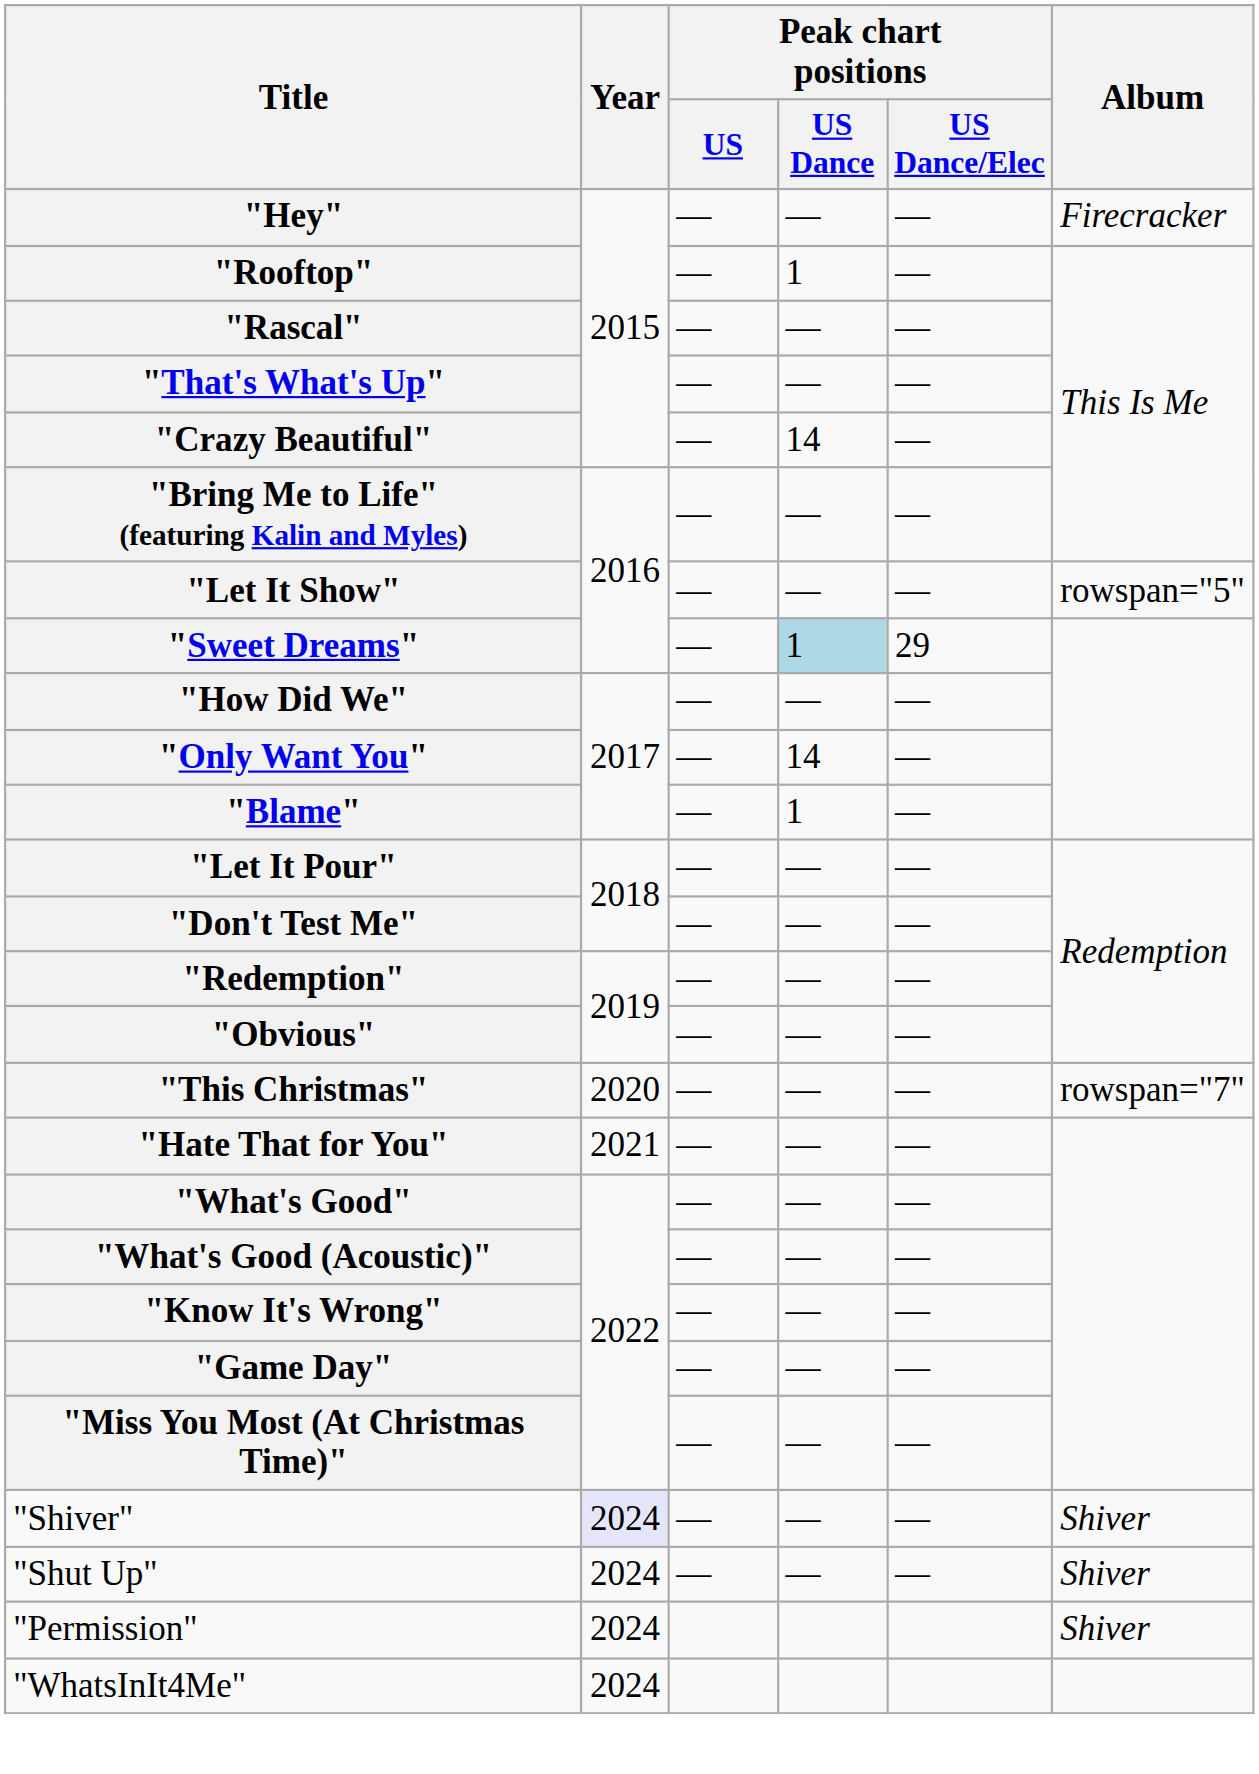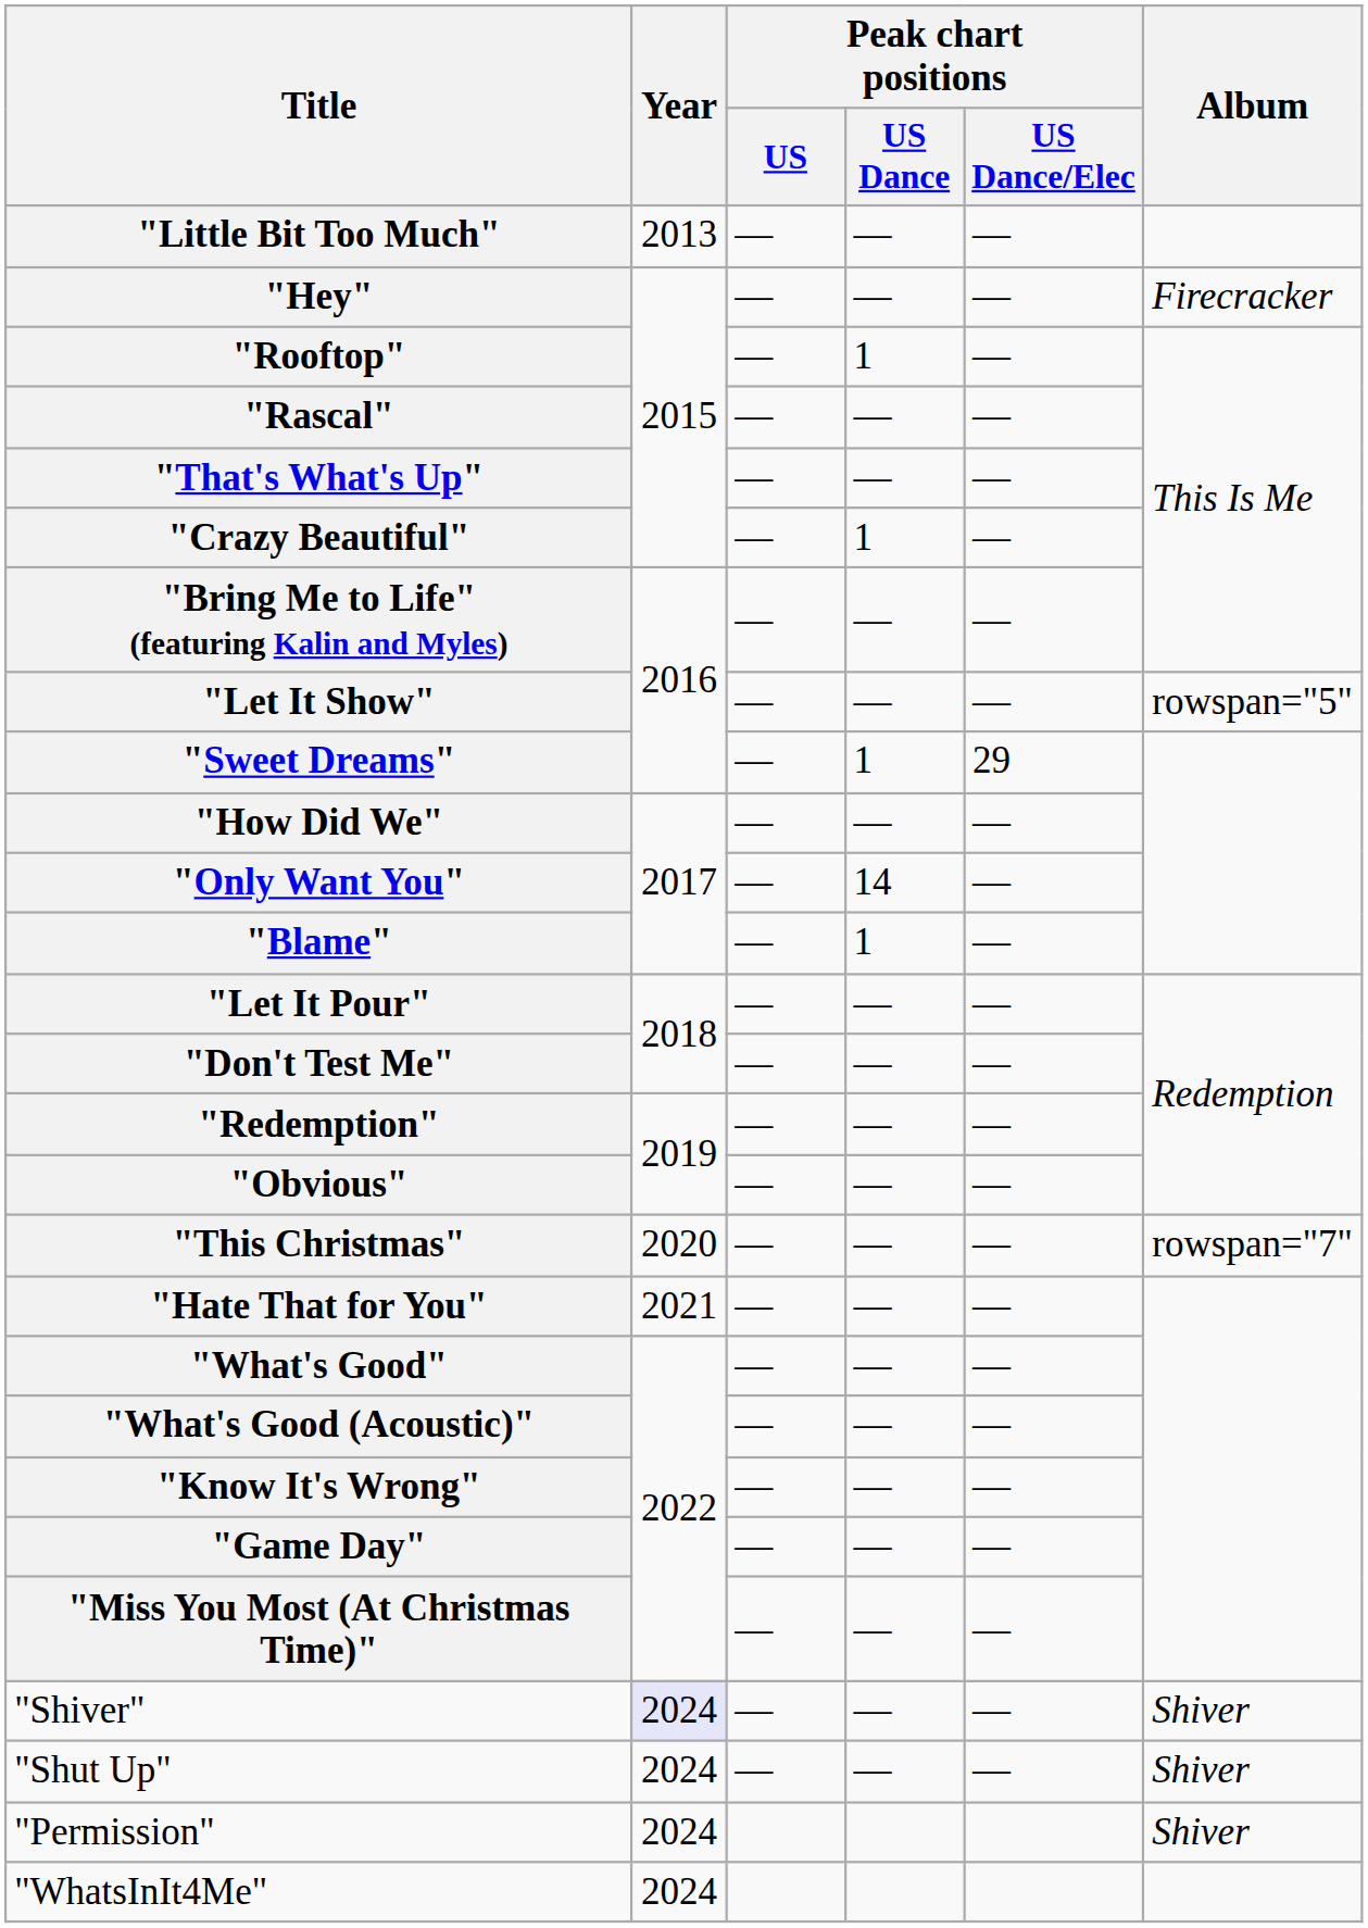 <table class="wikitable plainrowheaders" style="text-align: left;" border="1">
 <tr>
 <th scope="col" rowspan="2" style="width:16em;">Title</th>
 <th scope="col" rowspan="2">Year</th>
 <th scope="col" colspan="3">Peak chart<br>positions</th>
 <th scope="col" rowspan="2">Album</th>
 </tr>
 <tr>
 <th scope="col" style="width:3em;font-size:90%;"><a href='#'>US</a></th>
 <th scope="col" style="width:3em;font-size:90%;"><a href='#'>US<br>Dance</a><br></th>
 <th scope="col" style="width:3em;font-size:90%;"><a href='#'>US<br>Dance/Elec</a><br></th>
+</tr>
+<tr>
+<th scope="row">"Little Bit Too Much"</th>
+<td>2013</td>
+<td>—</td>
+<td>—</td>
+<td>—</td>
+<td></td>
 </tr>
 <tr>
 <th scope="row">"Hey"</th>
 <td rowspan="5">2015</td>
 <td>—</td>
 <td>—</td>
 <td>—</td>
 <td><em>Firecracker</em></td>
 </tr>
 <tr>
 <th scope="row">"Rooftop"</th>
 <td>—</td>
 <td>1</td>
 <td>—</td>
 <td rowspan="5"><em>This Is Me</em></td>
 </tr>
 <tr>
 <th scope="row">"Rascal"</th>
 <td>—</td>
 <td>—</td>
 <td>—</td>
 </tr>
 <tr>
 <th scope="row">"<a href='#'>That's What's Up</a>"</th>
 <td>—</td>
 <td>—</td>
 <td>—</td>
 </tr>
 <tr>
 <th scope="row">"Crazy Beautiful"</th>
 <td>—</td>
-<td>14</td>
+<td>1</td>
 <td>—</td>
 </tr>
 <tr>
 <th scope="row">"Bring Me to Life"<br><small>(featuring <a href='#'>Kalin and Myles</a>)</small></th>
 <td rowspan="3">2016</td>
 <td>—</td>
 <td>—</td>
 <td>—</td>
 </tr>
 <tr>
 <th scope="row">"Let It Show"</th>
 <td>—</td>
 <td>—</td>
 <td>—</td>
 <td>rowspan="5" </td>
 </tr>
 <tr>
 <th scope="row">"<a href='#'>Sweet Dreams</a>"<br></th>
 <td>—</td>
-<td style="background: lightblue;">1</td>
+<td>1</td>
 <td>29</td>
 </tr>
 <tr>
 <th scope="row">"How Did We"</th>
 <td rowspan="3">2017</td>
 <td>—</td>
 <td>—</td>
 <td>—</td>
 </tr>
 <tr>
 <th scope="row">"<a href='#'>Only Want You</a>"</th>
 <td>—</td>
 <td>14</td>
 <td>—</td>
 </tr>
 <tr>
 <th scope="row">"<a href='#'>Blame</a>"</th>
 <td>—</td>
 <td>1</td>
 <td>—</td>
 </tr>
 <tr>
 <th scope="row">"Let It Pour"</th>
 <td rowspan="2">2018</td>
 <td>—</td>
 <td>—</td>
 <td>—</td>
 <td rowspan="4"><em>Redemption</em></td>
 </tr>
 <tr>
 <th scope="row">"Don't Test Me"</th>
 <td>—</td>
 <td>—</td>
 <td>—</td>
 </tr>
 <tr>
 <th scope="row">"Redemption"</th>
 <td rowspan="2">2019</td>
 <td>—</td>
 <td>—</td>
 <td>—</td>
 </tr>
 <tr>
 <th scope="row">"Obvious"</th>
 <td>—</td>
 <td>—</td>
 <td>—</td>
 </tr>
 <tr>
 <th scope="row">"This Christmas"</th>
 <td>2020</td>
 <td>—</td>
 <td>—</td>
 <td>—</td>
 <td>rowspan="7" </td>
 </tr>
 <tr>
 <th scope="row">"Hate That for You"</th>
 <td>2021</td>
 <td>—</td>
 <td>—</td>
 <td>—</td>
 </tr>
 <tr>
 <th scope="row">"What's Good"</th>
 <td rowspan="5">2022</td>
 <td>—</td>
 <td>—</td>
 <td>—</td>
 </tr>
 <tr>
 <th scope="row">"What's Good (Acoustic)"</th>
 <td>—</td>
 <td>—</td>
 <td>—</td>
 </tr>
 <tr>
 <th scope="row">"Know It's Wrong"</th>
 <td>—</td>
 <td>—</td>
 <td>—</td>
 </tr>
 <tr>
 <th scope="row">"Game Day"</th>
 <td>—</td>
 <td>—</td>
 <td>—</td>
 </tr>
 <tr>
 <th scope="row">"Miss You Most (At Christmas Time)"</th>
 <td>—</td>
 <td>—</td>
 <td>—</td>
 </tr>
 <tr>
 <td>"Shiver"</td>
 <td style="background: lavender;">2024</td>
 <td>—</td>
 <td>—</td>
 <td>—</td>
 <td><em>Shiver</em></td>
 </tr>
 <tr>
 <td>"Shut Up"</td>
 <td>2024</td>
 <td>—</td>
 <td>—</td>
 <td>—</td>
 <td><em>Shiver</em></td>
 </tr>
 <tr>
 <td>"Permission"</td>
 <td>2024</td>
 <td></td>
 <td></td>
 <td></td>
 <td><em>Shiver</em></td>
 </tr>
 <tr>
 <td>"WhatsInIt4Me"</td>
 <td>2024</td>
 <td></td>
 <td></td>
 <td></td>
 <td></td>
 </tr>
 </table>
